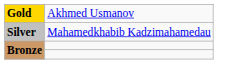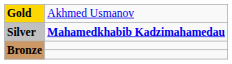 <table class="wikitable">
 <tr>
 <td bgcolor="gold"><strong>Gold</strong></td>
 <td> <a href='#'>Akhmed Usmanov</a> </td>
 </tr>
 <tr>
 <td bgcolor="silver"><strong>Silver</strong></td>
-<td> <a href='#'>Mahamedkhabib Kadzimahamedau</a> </td>
+<td><strong> <a href='#'>Mahamedkhabib Kadzimahamedau</a> </strong></td>
 </tr>
 <tr>
 <td rowspan="2" bgcolor="#cc9966"><strong>Bronze</strong></td>
 <td></td>
 </tr>
 <tr>
 <td></td>
 </tr>
 </table>
